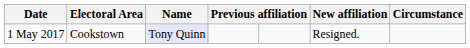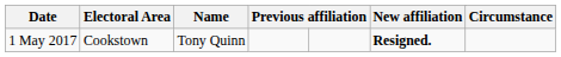 <table class="wikitable" style="font-size: 95%;">
 <tr>
 <th>Date</th>
 <th>Electoral Area</th>
 <th>Name</th>
 <th colspan="2">Previous affiliation</th>
 <th colspan="2">New affiliation</th>
 <th>Circumstance</th>
 </tr>
 <tr>
 <td>1 May 2017</td>
 <td>Cookstown</td>
-<td style="background: lavender;">Tony Quinn</td>
+<td>Tony Quinn</td>
 <td></td>
 <td></td>
-<td>Resigned.</td>
+<td><strong>Resigned.</strong></td>
 </tr>
 </table>
